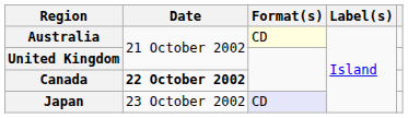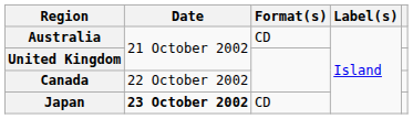 <table class="wikitable plainrowheaders">
 <tr>
 <th scope="col">Region</th>
 <th scope="col">Date</th>
 <th scope="col">Format(s)</th>
 <th scope="col">Label(s)</th>
 <th scope="col"></th>
 </tr>
 <tr>
 <th scope="row">Australia</th>
 <td rowspan="2">21 October 2002</td>
-<td style="background: lightyellow;">CD</td>
+<td>CD</td>
 <td rowspan="4"><a href='#'>Island</a></td>
 <td></td>
 </tr>
 <tr>
 <th scope="row">United Kingdom</th>
 <td rowspan="2"></td>
 <td></td>
 </tr>
 <tr>
 <th scope="row">Canada</th>
-<td><strong>22 October 2002</strong></td>
+<td>22 October 2002</td>
 <td></td>
 </tr>
 <tr>
 <th scope="row">Japan</th>
-<td>23 October 2002</td>
-<td style="background: lavender;">CD</td>
+<td><strong>23 October 2002</strong></td>
+<td>CD</td>
 <td></td>
 </tr>
 </table>
